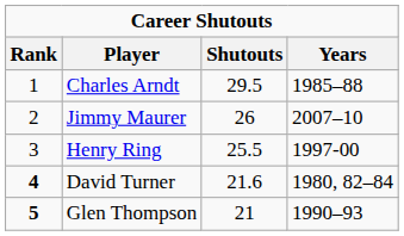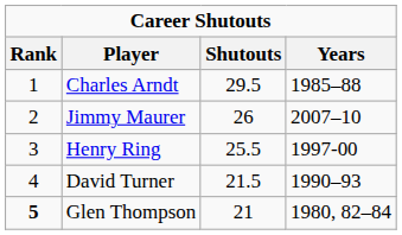 <table class="wikitable">
 <tr>
 <td colspan="4" style="text-align:center;"><strong>Career Shutouts</strong></td>
 </tr>
 <tr>
 <th>Rank</th>
 <th>Player</th>
 <th>Shutouts</th>
 <th>Years</th>
 </tr>
 <tr>
 <td align=center>1</td>
 <td><a href='#'>Charles Arndt</a></td>
 <td align=center>29.5</td>
 <td>1985–88</td>
 </tr>
 <tr>
 <td align=center>2</td>
 <td><a href='#'>Jimmy Maurer</a></td>
 <td align=center>26</td>
 <td>2007–10</td>
 </tr>
 <tr>
 <td align=center>3</td>
 <td><a href='#'>Henry Ring</a></td>
 <td align=center>25.5</td>
 <td>1997-00</td>
 </tr>
 <tr>
-<td align=center><strong>4</strong></td>
+<td align=center>4</td>
 <td>David Turner</td>
-<td align=center>21.6</td>
-<td>1980, 82–84</td>
+<td align=center>21.5</td>
+<td>1990–93</td>
 </tr>
 <tr>
 <td align=center><strong>5</strong></td>
 <td>Glen Thompson</td>
 <td align=center>21</td>
-<td>1990–93</td>
+<td>1980, 82–84</td>
 </tr>
 </table>
